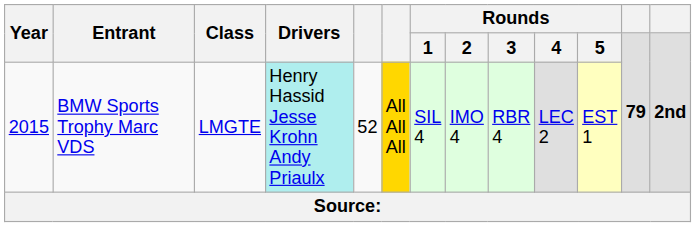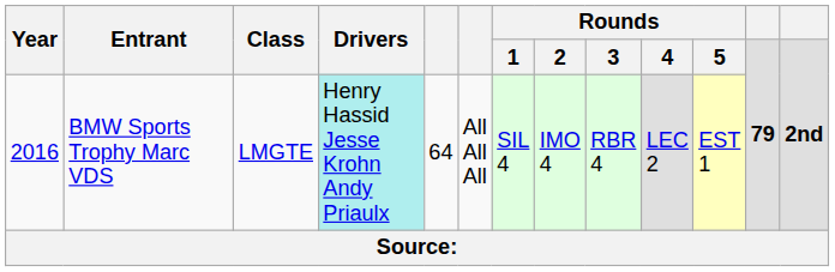 <table class="wikitable">
 <tr>
 <th rowspan="2">Year</th>
 <th rowspan="2">Entrant</th>
 <th rowspan="2">Class</th>
 <th rowspan="2">Drivers</th>
 <th rowspan="2"></th>
 <th rowspan="2"></th>
 <th colspan="5">Rounds</th>
 <th></th>
 <th></th>
 </tr>
 <tr>
 <th>1</th>
 <th>2</th>
 <th>3</th>
 <th>4</th>
 <th>5</th>
 <th rowspan="2" style="background:#DFDFDF;”">79</th>
 <th rowspan="2" style="background:#DFDFDF;”">2nd</th>
 </tr>
 <tr>
-<td><a href='#'>2015</a></td>
+<td><a href='#'>2016</a></td>
 <td> <a href='#'>BMW Sports Trophy Marc VDS</a></td>
 <td><a href='#'>LMGTE</a></td>
 <td style="background: paleturquoise;"> Henry Hassid<br> <a href='#'>Jesse Krohn</a><br> <a href='#'>Andy Priaulx</a></td>
-<td>52</td>
-<td style="background: gold;">All<br>All<br>All</td>
+<td>64</td>
+<td>All<br>All<br>All</td>
 <td style="background:#DFFFDF;"><a href='#'>SIL</a><br>4</td>
 <td style="background:#DFFFDF;"><a href='#'>IMO</a><br>4</td>
 <td style="background:#DFFFDF;"><a href='#'>RBR</a><br>4</td>
 <td style="background:#DFDFDF;”"><a href='#'>LEC</a><br>2</td>
 <td style="background:#FFFFBF;”"><a href='#'>EST</a><br>1</td>
 </tr>
 <tr>
 <th colspan="13">Source:</th>
 </tr>
 </table>
